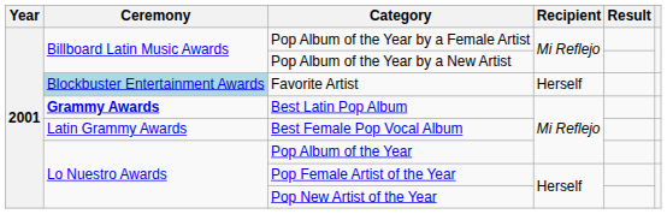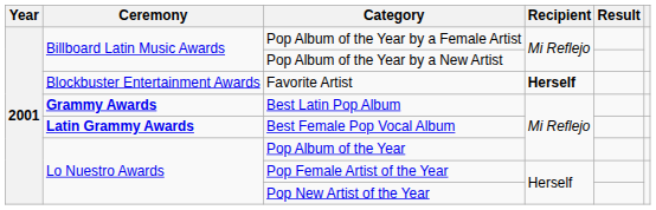 <table class="wikitable sortable plainrowheaders">
 <tr>
 <th scope="col">Year</th>
 <th scope="col">Ceremony</th>
 <th scope="col">Category</th>
 <th scope="col">Recipient</th>
 <th scope="col">Result</th>
 <th scope="col"></th>
 </tr>
 <tr>
 <th scope="row" rowspan="8">2001</th>
 <td rowspan="2"><a href='#'>Billboard Latin Music Awards</a></td>
 <td>Pop Album of the Year by a Female Artist</td>
 <td rowspan="2"><em>Mi Reflejo</em></td>
 <td></td>
 <td style="text-align:center;" rowspan="2"></td>
 </tr>
 <tr>
 <td>Pop Album of the Year by a New Artist</td>
 <td></td>
 </tr>
 <tr>
-<td style="background: lightblue;"><a href='#'>Blockbuster Entertainment Awards</a></td>
+<td><a href='#'>Blockbuster Entertainment Awards</a></td>
 <td>Favorite Artist</td>
-<td>Herself</td>
+<td><strong>Herself</strong></td>
 <td></td>
 <td style="text-align:center;"></td>
 </tr>
 <tr>
 <td><strong><a href='#'>Grammy Awards</a></strong></td>
 <td><a href='#'>Best Latin Pop Album</a></td>
 <td rowspan="3"><em>Mi Reflejo</em></td>
 <td></td>
 <td style="text-align:center;"></td>
 </tr>
 <tr>
-<td><a href='#'>Latin Grammy Awards</a></td>
+<td><strong><a href='#'>Latin Grammy Awards</a></strong></td>
 <td><a href='#'>Best Female Pop Vocal Album</a></td>
 <td></td>
 <td style="text-align:center;"></td>
 </tr>
 <tr>
 <td rowspan="3"><a href='#'>Lo Nuestro Awards</a></td>
 <td><a href='#'>Pop Album of the Year</a></td>
 <td></td>
 <td style="text-align:center;"></td>
 </tr>
 <tr>
 <td><a href='#'>Pop Female Artist of the Year</a></td>
 <td rowspan="3">Herself</td>
 <td></td>
 <td style="text-align:center;" rowspan="2"></td>
 </tr>
 <tr>
 <td><a href='#'>Pop New Artist of the Year</a></td>
 <td></td>
 </tr>
 </table>
